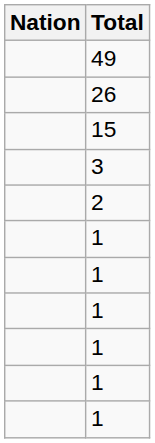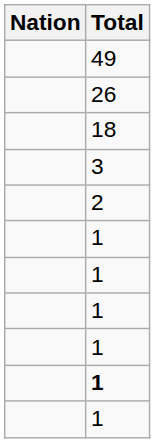 <table class="wikitable sortable">
 <tr>
 <th>Nation</th>
 <th>Total</th>
 </tr>
 <tr>
 <td></td>
 <td>49</td>
 </tr>
 <tr>
 <td></td>
 <td>26</td>
 </tr>
 <tr>
 <td></td>
-<td>15</td>
+<td>18</td>
 </tr>
 <tr>
 <td></td>
 <td>3</td>
 </tr>
 <tr>
 <td></td>
 <td>2</td>
 </tr>
 <tr>
 <td></td>
 <td>1</td>
 </tr>
 <tr>
 <td></td>
 <td>1</td>
 </tr>
 <tr>
 <td></td>
 <td>1</td>
 </tr>
 <tr>
 <td></td>
 <td>1</td>
 </tr>
 <tr>
 <td></td>
-<td>1</td>
+<td><strong>1</strong></td>
 </tr>
 <tr>
 <td></td>
 <td>1</td>
 </tr>
 </table>
